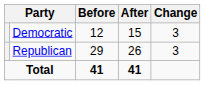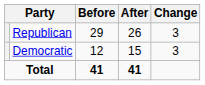 <table class="wikitable" style="text-align:center;">
 <tr>
 <th colspan="2">Party</th>
 <th>Before</th>
 <th>After</th>
 <th>Change</th>
 </tr>
 <tr>
 <th style="background-color:"></th>
-<td style="text-align:left;"><a href='#'>Democratic</a></td>
-<td>12</td>
-<td>15</td>
+<td style="text-align:left;"><a href='#'>Republican</a></td>
+<td>29</td>
+<td>26</td>
 <td> 3</td>
 </tr>
 <tr>
 <th style="background-color:"></th>
-<td style="text-align:left;"><a href='#'>Republican</a></td>
-<td>29</td>
-<td>26</td>
+<td style="text-align:left;"><a href='#'>Democratic</a></td>
+<td>12</td>
+<td>15</td>
 <td> 3</td>
 </tr>
 <tr>
 <td colspan="2"><strong>Total</strong></td>
 <td><strong>41</strong></td>
 <td><strong>41</strong></td>
 <td></td>
 </tr>
 </table>
